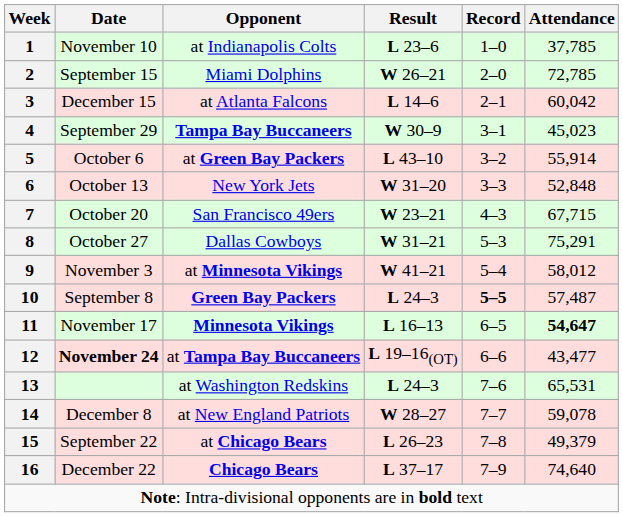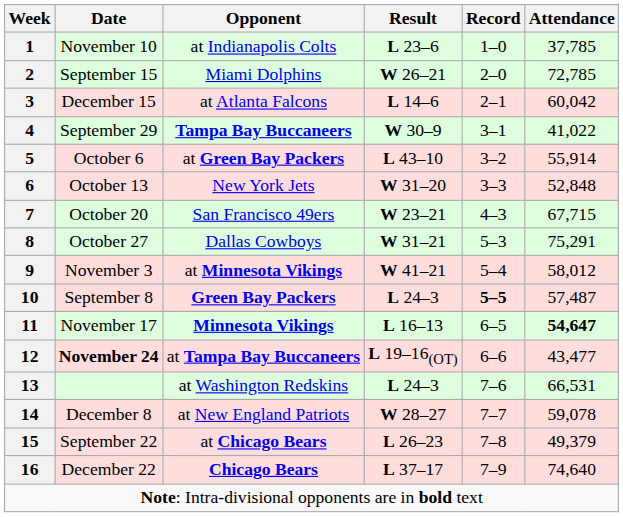 <table class="wikitable"  style="text-align: center;">
 <tr>
 <th>Week</th>
 <th>Date</th>
 <th>Opponent</th>
 <th>Result</th>
 <th>Record</th>
 <th>Attendance</th>
 </tr>
 <tr style="background: #ddffdd;">
 <th>1</th>
 <td>November 10</td>
 <td>at <a href='#'>Indianapolis Colts</a></td>
 <td><strong>L</strong> 23–6</td>
 <td>1–0</td>
 <td>37,785</td>
 </tr>
 <tr style="background: #ddffdd;">
 <th>2</th>
 <td>September 15</td>
 <td><a href='#'>Miami Dolphins</a></td>
 <td><strong>W</strong> 26–21</td>
 <td>2–0</td>
 <td>72,785</td>
 </tr>
 <tr style="background: #ffdddd;">
 <th>3</th>
 <td>December 15</td>
 <td>at <a href='#'>Atlanta Falcons</a></td>
 <td><strong>L</strong> 14–6</td>
 <td>2–1</td>
 <td>60,042</td>
 </tr>
 <tr style="background: #ddffdd;">
 <th>4</th>
 <td>September 29</td>
 <td><strong><a href='#'>Tampa Bay Buccaneers</a></strong></td>
 <td><strong>W</strong> 30–9</td>
 <td>3–1</td>
-<td>45,023</td>
+<td>41,022</td>
 </tr>
 <tr style="background: #ffdddd;">
 <th>5</th>
 <td>October 6</td>
 <td>at <strong><a href='#'>Green Bay Packers</a></strong></td>
 <td><strong>L</strong> 43–10</td>
 <td>3–2</td>
 <td>55,914</td>
 </tr>
 <tr style="background: #ffdddd;">
 <th>6</th>
 <td>October 13</td>
 <td><a href='#'>New York Jets</a></td>
 <td><strong>W</strong> 31–20</td>
 <td>3–3</td>
 <td>52,848</td>
 </tr>
 <tr style="background: #ddffdd;">
 <th>7</th>
 <td>October 20</td>
 <td><a href='#'>San Francisco 49ers</a></td>
 <td><strong>W</strong> 23–21</td>
 <td>4–3</td>
 <td>67,715</td>
 </tr>
 <tr style="background: #ddffdd;">
 <th>8</th>
 <td>October 27</td>
 <td><a href='#'>Dallas Cowboys</a></td>
 <td><strong>W</strong> 31–21</td>
 <td>5–3</td>
 <td>75,291</td>
 </tr>
 <tr style="background: #ffdddd;">
 <th>9</th>
 <td>November 3</td>
 <td>at <strong><a href='#'>Minnesota Vikings</a></strong></td>
 <td><strong>W</strong> 41–21</td>
 <td>5–4</td>
 <td>58,012</td>
 </tr>
 <tr style="background: #ffdddd;">
 <th>10</th>
 <td>September 8</td>
 <td><strong><a href='#'>Green Bay Packers</a></strong></td>
 <td><strong>L</strong> 24–3</td>
 <td><strong>5–5</strong></td>
 <td>57,487</td>
 </tr>
 <tr style="background: #ddffdd;">
 <th>11</th>
 <td>November 17</td>
 <td><strong><a href='#'>Minnesota Vikings</a></strong></td>
 <td><strong>L</strong> 16–13</td>
 <td>6–5</td>
 <td><strong>54,647</strong></td>
 </tr>
 <tr style="background: #ffdddd;">
 <th>12</th>
 <td><strong>November 24</strong></td>
 <td>at <strong><a href='#'>Tampa Bay Buccaneers</a></strong></td>
 <td><strong>L</strong> 19–16<sub>(OT)</sub></td>
 <td>6–6</td>
 <td>43,477</td>
 </tr>
 <tr style="background: #ddffdd;">
 <th>13</th>
 <td></td>
 <td>at <a href='#'>Washington Redskins</a></td>
 <td><strong>L</strong> 24–3</td>
 <td>7–6</td>
-<td>65,531</td>
+<td>66,531</td>
 </tr>
 <tr style="background: #ffdddd;">
 <th>14</th>
 <td>December 8</td>
 <td>at <a href='#'>New England Patriots</a></td>
 <td><strong>W</strong> 28–27</td>
 <td>7–7</td>
 <td>59,078</td>
 </tr>
 <tr style="background: #ffdddd;">
 <th>15</th>
 <td>September 22</td>
 <td>at <strong><a href='#'>Chicago Bears</a></strong></td>
 <td><strong>L</strong> 26–23</td>
 <td>7–8</td>
 <td>49,379</td>
 </tr>
 <tr style="background: #ffdddd;">
 <th>16</th>
 <td>December 22</td>
 <td><strong><a href='#'>Chicago Bears</a></strong></td>
 <td><strong>L</strong> 37–17</td>
 <td>7–9</td>
 <td>74,640</td>
 </tr>
 <tr>
 <td colspan="6"><strong>Note</strong>: Intra-divisional opponents are in <strong>bold</strong> text</td>
 </tr>
 </table>
